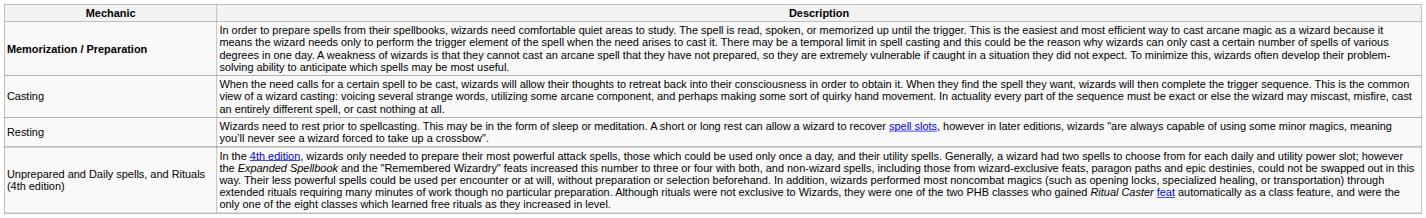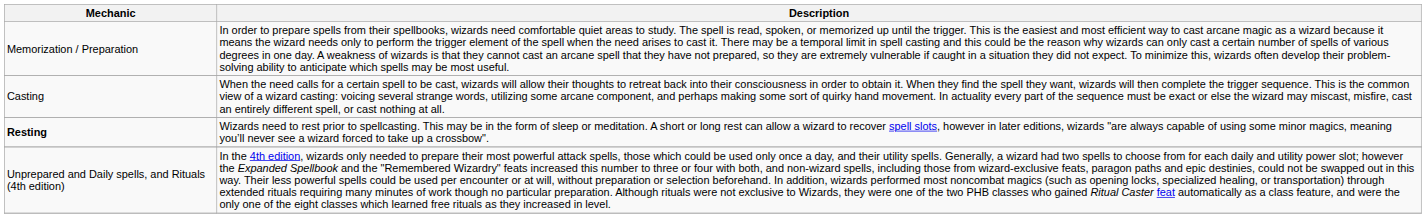 <table class="wikitable sortable" style="margins:auto; width=95%; font-size: 95%;">
 <tr>
 <th width="15%">Mechanic</th>
 <th width="85%">Description</th>
 </tr>
 <tr>
-<td><strong>Memorization / Preparation</strong></td>
+<td>Memorization / Preparation</td>
 <td>In order to prepare spells from their spellbooks, wizards need comfortable quiet areas to study. The spell is read, spoken, or memorized up until the trigger. This is the easiest and most efficient way to cast arcane magic as a wizard because it means the wizard needs only to perform the trigger element of the spell when the need arises to cast it. There may be a temporal limit in spell casting and this could be the reason why wizards can only cast a certain number of spells of various degrees in one day. A weakness of wizards is that they cannot cast an arcane spell that they have not prepared, so they are extremely vulnerable if caught in a situation they did not expect. To minimize this, wizards often develop their problem-solving ability to anticipate which spells may be most useful.</td>
 </tr>
 <tr>
 </tr>
 <tr>
 <td>Casting</td>
 <td>When the need calls for a certain spell to be cast, wizards will allow their thoughts to retreat back into their consciousness in order to obtain it. When they find the spell they want, wizards will then complete the trigger sequence. This is the common view of a wizard casting: voicing several strange words, utilizing some arcane component, and perhaps making some sort of quirky hand movement. In actuality every part of the sequence must be exact or else the wizard may miscast, misfire, cast an entirely different spell, or cast nothing at all.</td>
 </tr>
 <tr>
 </tr>
 <tr>
-<td>Resting</td>
+<td><strong>Resting</strong></td>
 <td>Wizards need to rest prior to spellcasting. This may be in the form of sleep or meditation. A short or long rest can allow a wizard to recover <a href='#'>spell slots</a>, however in later editions, wizards "are always capable of using some minor magics, meaning you’ll never see a wizard forced to take up a crossbow".</td>
 </tr>
 <tr>
 </tr>
 <tr>
 <td>Unprepared and Daily spells, and Rituals (4th edition)</td>
 <td>In the <a href='#'>4th edition</a>, wizards only needed to prepare their most powerful attack spells, those which could be used only once a day, and their utility spells. Generally, a wizard had two spells to choose from for each daily and utility power slot; however the <em>Expanded Spellbook</em> and the "Remembered Wizardry" feats increased this number to three or four with both, and non-wizard spells, including those from wizard-exclusive feats, paragon paths and epic destinies, could not be swapped out in this way. Their less powerful spells could be used per encounter or at will, without preparation or selection beforehand. In addition, wizards performed most noncombat magics (such as opening locks, specialized healing, or transportation) through extended rituals requiring many minutes of work though no particular preparation. Although rituals were not exclusive to Wizards, they were one of the two PHB classes who gained <em>Ritual Caster</em> <a href='#'>feat</a> automatically as a class feature, and were the only one of the eight classes which learned free rituals as they increased in level.</td>
 </tr>
 <tr>
 </tr>
 </table>
